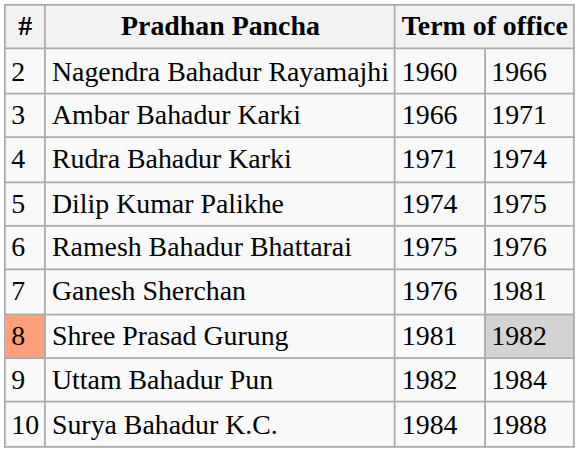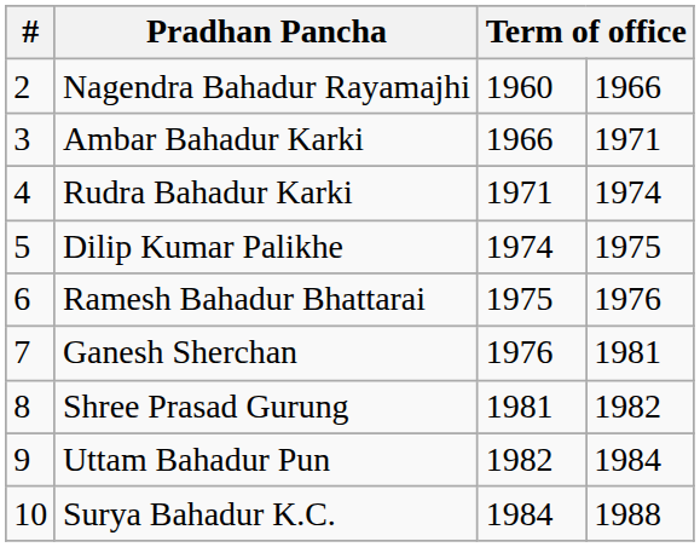 <table class="wikitable">
 <tr>
 <th>#</th>
 <th>Pradhan Pancha</th>
 <th colspan="2">Term of office</th>
 </tr>
 <tr>
 <td>2</td>
 <td>Nagendra Bahadur Rayamajhi</td>
 <td>1960</td>
 <td>1966</td>
 </tr>
 <tr>
 <td>3</td>
 <td>Ambar Bahadur Karki</td>
 <td>1966</td>
 <td>1971</td>
 </tr>
 <tr>
 <td>4</td>
 <td>Rudra Bahadur Karki</td>
 <td>1971</td>
 <td>1974</td>
 </tr>
 <tr>
 <td>5</td>
 <td>Dilip Kumar Palikhe</td>
 <td>1974</td>
 <td>1975</td>
 </tr>
 <tr>
 <td>6</td>
 <td>Ramesh Bahadur Bhattarai</td>
 <td>1975</td>
 <td>1976</td>
 </tr>
 <tr>
 <td>7</td>
 <td>Ganesh Sherchan</td>
 <td>1976</td>
 <td>1981</td>
 </tr>
 <tr>
-<td style="background: lightsalmon;">8</td>
+<td>8</td>
 <td>Shree Prasad Gurung</td>
 <td>1981</td>
-<td style="background: lightgrey;">1982</td>
+<td>1982</td>
 </tr>
 <tr>
 <td>9</td>
 <td>Uttam Bahadur Pun</td>
 <td>1982</td>
 <td>1984</td>
 </tr>
 <tr>
 <td>10</td>
 <td>Surya Bahadur K.C.</td>
 <td>1984</td>
 <td>1988</td>
 </tr>
 </table>
